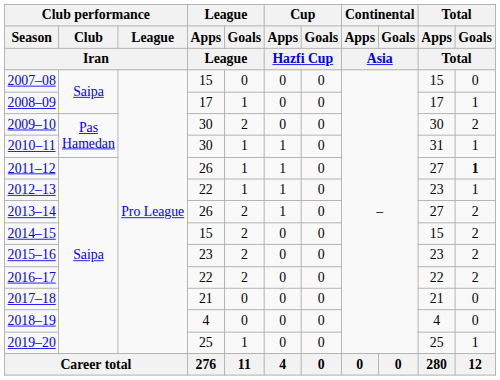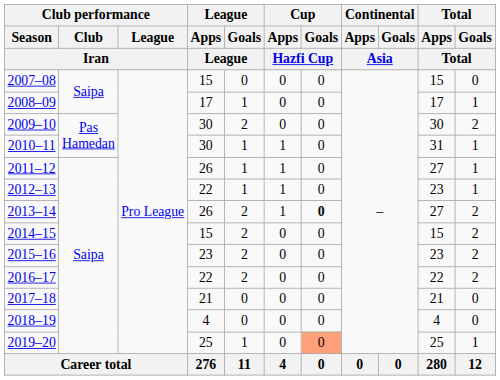 <table class="wikitable" style="text-align:center">
 <tr>
 <th colspan=3>Club performance</th>
 <th colspan=2>League</th>
 <th colspan=2>Cup</th>
 <th colspan=2>Continental</th>
 <th colspan=2>Total</th>
 </tr>
 <tr>
 <th>Season</th>
 <th>Club</th>
 <th>League</th>
 <th>Apps</th>
 <th>Goals</th>
 <th>Apps</th>
 <th>Goals</th>
 <th>Apps</th>
 <th>Goals</th>
 <th>Apps</th>
 <th>Goals</th>
 </tr>
 <tr>
 <th colspan=3>Iran</th>
 <th colspan=2>League</th>
 <th colspan=2><a href='#'>Hazfi Cup</a></th>
 <th colspan=2><a href='#'>Asia</a></th>
 <th colspan=2>Total</th>
 </tr>
 <tr>
 <td><a href='#'>2007–08</a></td>
 <td rowspan="2"><a href='#'>Saipa</a></td>
 <td rowspan="13"><a href='#'>Pro League</a></td>
 <td>15</td>
 <td>0</td>
 <td>0</td>
 <td>0</td>
 <td colspan="2" rowspan="13">–</td>
 <td>15</td>
 <td>0</td>
 </tr>
 <tr>
 <td><a href='#'>2008–09</a></td>
 <td>17</td>
 <td>1</td>
 <td>0</td>
 <td>0</td>
 <td>17</td>
 <td>1</td>
 </tr>
 <tr>
 <td><a href='#'>2009–10</a></td>
 <td rowspan="2"><a href='#'>Pas<br>Hamedan</a></td>
 <td>30</td>
 <td>2</td>
 <td>0</td>
 <td>0</td>
 <td>30</td>
 <td>2</td>
 </tr>
 <tr>
 <td><a href='#'>2010–11</a></td>
 <td>30</td>
 <td>1</td>
 <td>1</td>
 <td>0</td>
 <td>31</td>
 <td>1</td>
 </tr>
 <tr>
 <td><a href='#'>2011–12</a></td>
 <td rowspan="9"><a href='#'>Saipa</a></td>
 <td>26</td>
 <td>1</td>
 <td>1</td>
 <td>0</td>
 <td>27</td>
-<td><strong>1</strong></td>
+<td>1</td>
 </tr>
 <tr>
 <td><a href='#'>2012–13</a></td>
 <td>22</td>
 <td>1</td>
 <td>1</td>
 <td>0</td>
 <td>23</td>
 <td>1</td>
 </tr>
 <tr>
 <td><a href='#'>2013–14</a></td>
 <td>26</td>
 <td>2</td>
 <td>1</td>
-<td>0</td>
+<td><strong>0</strong></td>
 <td>27</td>
 <td>2</td>
 </tr>
 <tr>
 <td><a href='#'>2014–15</a></td>
 <td>15</td>
 <td>2</td>
 <td>0</td>
 <td>0</td>
 <td>15</td>
 <td>2</td>
 </tr>
 <tr>
 <td><a href='#'>2015–16</a></td>
 <td>23</td>
 <td>2</td>
 <td>0</td>
 <td>0</td>
 <td>23</td>
 <td>2</td>
 </tr>
 <tr>
 <td><a href='#'>2016–17</a></td>
 <td>22</td>
 <td>2</td>
 <td>0</td>
 <td>0</td>
 <td>22</td>
 <td>2</td>
 </tr>
 <tr>
 <td><a href='#'>2017–18</a></td>
 <td>21</td>
 <td>0</td>
 <td>0</td>
 <td>0</td>
 <td>21</td>
 <td>0</td>
 </tr>
 <tr>
 <td><a href='#'>2018–19</a></td>
 <td>4</td>
 <td>0</td>
 <td>0</td>
 <td>0</td>
 <td>4</td>
 <td>0</td>
 </tr>
 <tr>
 <td><a href='#'>2019–20</a></td>
 <td>25</td>
 <td>1</td>
 <td>0</td>
-<td>0</td>
+<td style="background: lightsalmon;">0</td>
 <td>25</td>
 <td>1</td>
 </tr>
 <tr>
 <th colspan="3">Career total</th>
 <th>276</th>
 <th>11</th>
 <th>4</th>
 <th>0</th>
 <th>0</th>
 <th>0</th>
 <th>280</th>
 <th>12</th>
 </tr>
 </table>
